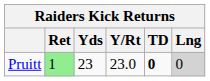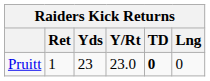 <table class="wikitable">
 <tr>
 <th colspan="6">Raiders Kick Returns</th>
 </tr>
 <tr>
 <th></th>
 <th>Ret</th>
 <th>Yds</th>
 <th>Y/Rt</th>
 <th>TD</th>
 <th>Lng</th>
 </tr>
 <tr>
 <td><a href='#'>Pruitt</a></td>
-<td style="background: lightgreen;">1</td>
+<td>1</td>
 <td>23</td>
 <td>23.0</td>
 <td><strong>0</strong></td>
-<td style="background: lightgrey;">0</td>
+<td>0</td>
 </tr>
 </table>
